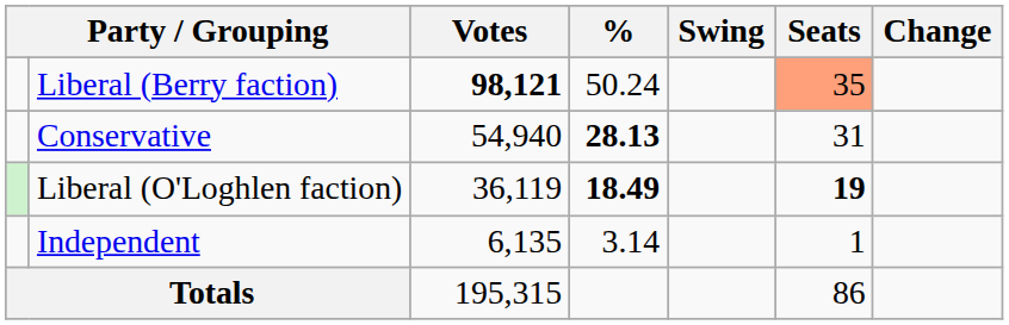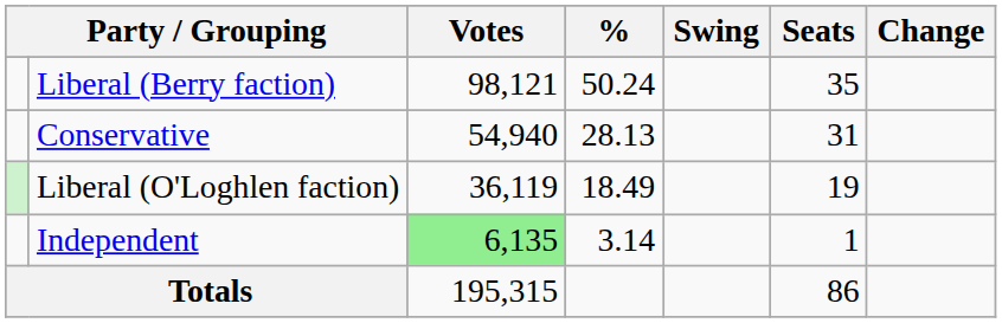 <table class="wikitable" style="text-align:right; margin-bottom:0">
 <tr>
 <th style="width:10px;" colspan=3>Party / Grouping</th>
 <th style="width:70px;">Votes</th>
 <th style="width:40px;">%</th>
 <th style="width:40px;">Swing</th>
 <th style="width:40px;">Seats</th>
 <th style="width:40px;">Change</th>
 </tr>
 <tr>
 <td> </td>
 <td style="text-align:left;" colspan="2"><a href='#'>Liberal (Berry faction)</a></td>
-<td style="width:70px;"><strong>98,121</strong></td>
+<td style="width:70px;">98,121</td>
 <td style="width:40px;">50.24</td>
 <td style="width:45px;"></td>
-<td style="background: lightsalmon; width:40px;">35</td>
+<td style="width:40px;">35</td>
 <td style="width:55px;"></td>
 </tr>
 <tr>
 <td> </td>
 <td style="text-align:left;" colspan="2"><a href='#'>Conservative</a></td>
 <td style="width:70px;">54,940</td>
-<td style="width:40px;"><strong>28.13</strong></td>
+<td style="width:40px;">28.13</td>
 <td style="width:45px;"></td>
 <td style="width:40px;">31</td>
 <td style="width:55px;"></td>
 </tr>
 <tr>
 <td style="text-align:left;background:#CEF2CE"> </td>
 <td style="text-align:left;" colspan="2">Liberal (O'Loghlen faction)</td>
 <td style="width:70px;">36,119</td>
-<td style="width:40px;"><strong>18.49</strong></td>
+<td style="width:40px;">18.49</td>
 <td style="width:45px;"></td>
-<td style="width:40px;"><strong>19</strong></td>
+<td style="width:40px;">19</td>
 <td style="width:55px;"></td>
 </tr>
 <tr>
 <td> </td>
 <td style="text-align:left;" colspan="2"><a href='#'>Independent</a></td>
-<td style="width:70px;">6,135</td>
+<td style="background: lightgreen; width:70px;">6,135</td>
 <td style="width:40px;">3.14</td>
 <td style="width:45px;"></td>
 <td style="width:40px;">1</td>
 <td style="width:55px;"></td>
 </tr>
 <tr>
 <th colspan="3"> Totals</th>
 <td>195,315</td>
 <td></td>
 <td></td>
 <td>86</td>
 <td></td>
 </tr>
 </table>
